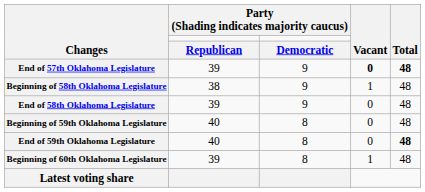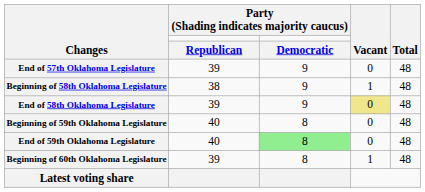 <table class="wikitable" style="text-align:center">
 <tr valign="bottom">
 <th scope="col" rowspan="3">Changes</th>
 <th scope="col" colspan="2">Party <div>(Shading indicates majority caucus)</div></th>
 <th scope="col" rowspan="3">Vacant</th>
 <th scope="col" rowspan="3">Total</th>
 </tr>
 <tr style="height:5px">
 <td style="color:#33F"></td>
 <td style="color:F33"></td>
 </tr>
 <tr>
 <th><a href='#'>Republican</a></th>
 <th><a href='#'>Democratic</a></th>
 </tr>
 <tr>
 <th scope="row" style="white-space:nowrap; font-size:80%">End of <a href='#'>57th Oklahoma Legislature</a></th>
 <td>39</td>
 <td>9</td>
-<td><strong>0</strong></td>
-<td><strong>48</strong></td>
+<td>0</td>
+<td>48</td>
 </tr>
 <tr>
 <th scope="row" style="white-space:nowrap; font-size:80%">Beginning of <a href='#'>58th Oklahoma Legislature</a></th>
 <td>38</td>
 <td>9</td>
 <td>1</td>
 <td>48</td>
 </tr>
 <tr>
 <th scope="row" style="white-space:nowrap; font-size:80%">End of <a href='#'>58th Oklahoma Legislature</a></th>
 <td>39</td>
 <td>9</td>
-<td>0</td>
+<td style="background: khaki;">0</td>
 <td>48</td>
 </tr>
 <tr>
 <th scope="row" style="white-space:nowrap; font-size:80%">Beginning of 59th Oklahoma Legislature</th>
 <td>40</td>
 <td>8</td>
 <td>0</td>
 <td>48</td>
 </tr>
 <tr>
 <th scope="row" style="white-space:nowrap; font-size:80%">End of 59th Oklahoma Legislature</th>
 <td>40</td>
-<td>8</td>
+<td style="background: lightgreen;">8</td>
 <td>0</td>
-<td><strong>48</strong></td>
+<td>48</td>
 </tr>
 <tr>
 <th scope="row" style="white-space:nowrap; font-size:80%">Beginning of 60th Oklahoma Legislature</th>
 <td>39</td>
 <td>8</td>
 <td>1</td>
 <td>48</td>
 </tr>
 <tr>
 <th scope="row">Latest voting share</th>
 <th></th>
 <th></th>
 </tr>
 </table>
